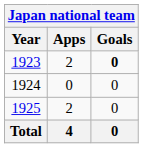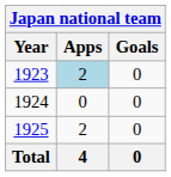 <table class="wikitable" style="text-align:center">
 <tr>
 <th colspan=3><a href='#'>Japan national team</a></th>
 </tr>
 <tr>
 <th>Year</th>
 <th>Apps</th>
 <th>Goals</th>
 </tr>
 <tr>
 <td><a href='#'>1923</a></td>
-<td>2</td>
-<td><strong>0</strong></td>
+<td style="background: lightblue;">2</td>
+<td>0</td>
 </tr>
 <tr>
 <td>1924</td>
 <td>0</td>
 <td>0</td>
 </tr>
 <tr>
 <td><a href='#'>1925</a></td>
 <td>2</td>
 <td>0</td>
 </tr>
 <tr>
 <th>Total</th>
 <th>4</th>
 <th>0</th>
 </tr>
 </table>
